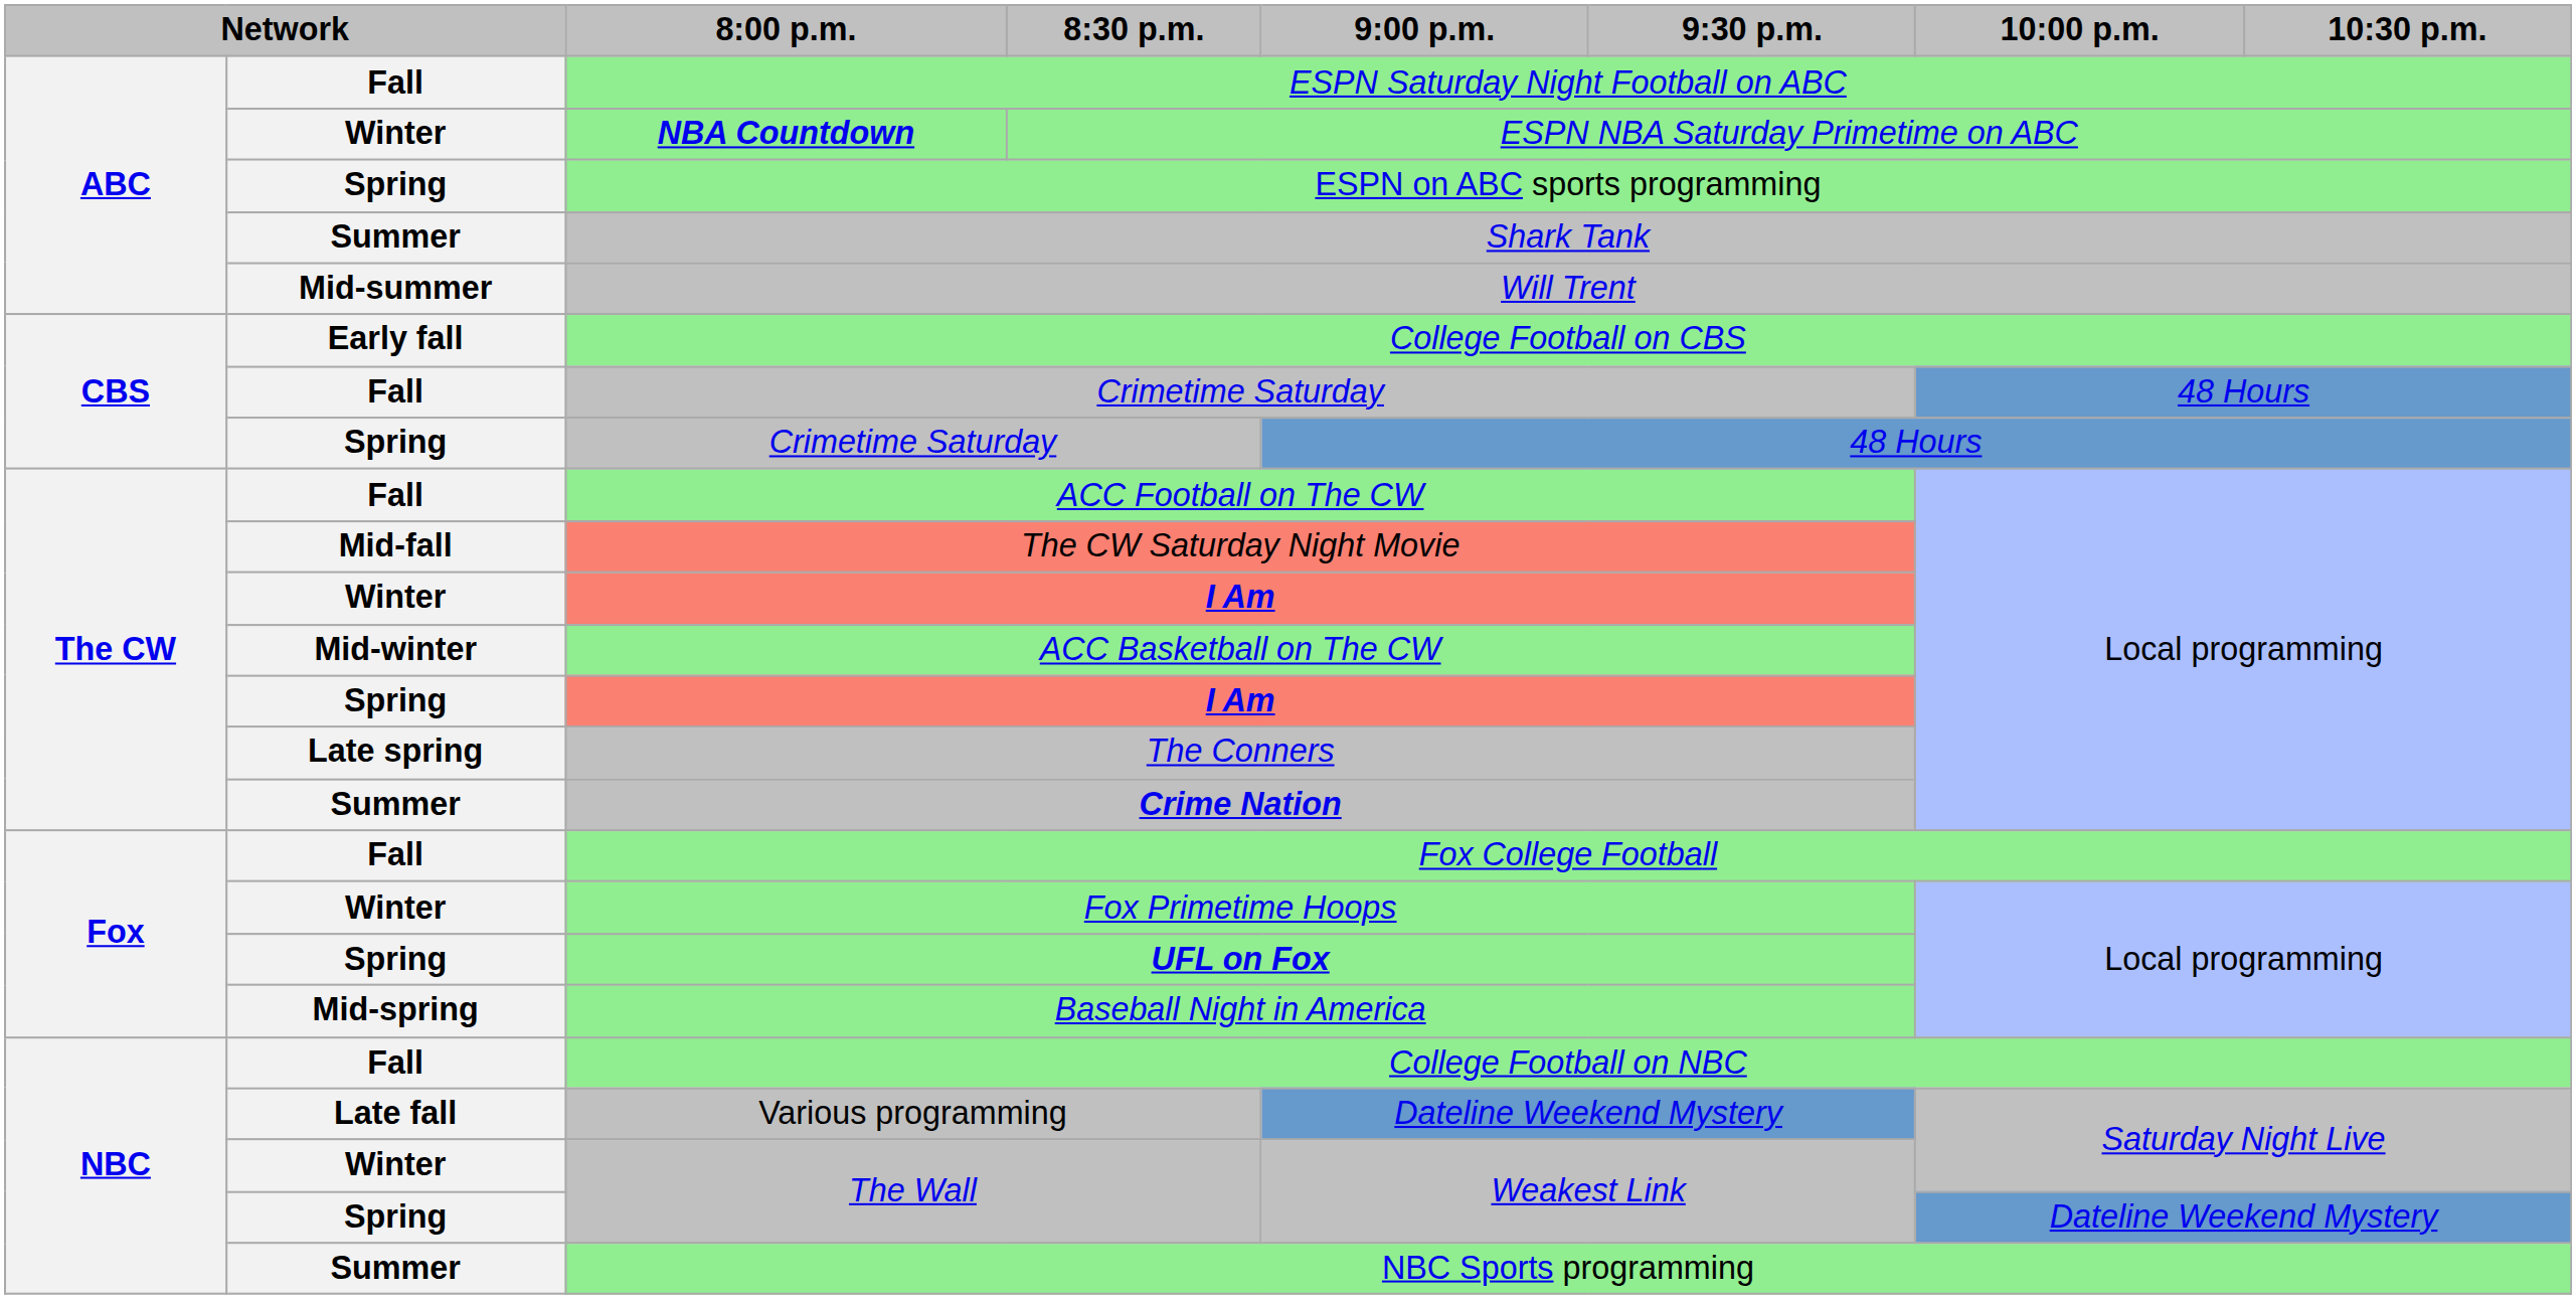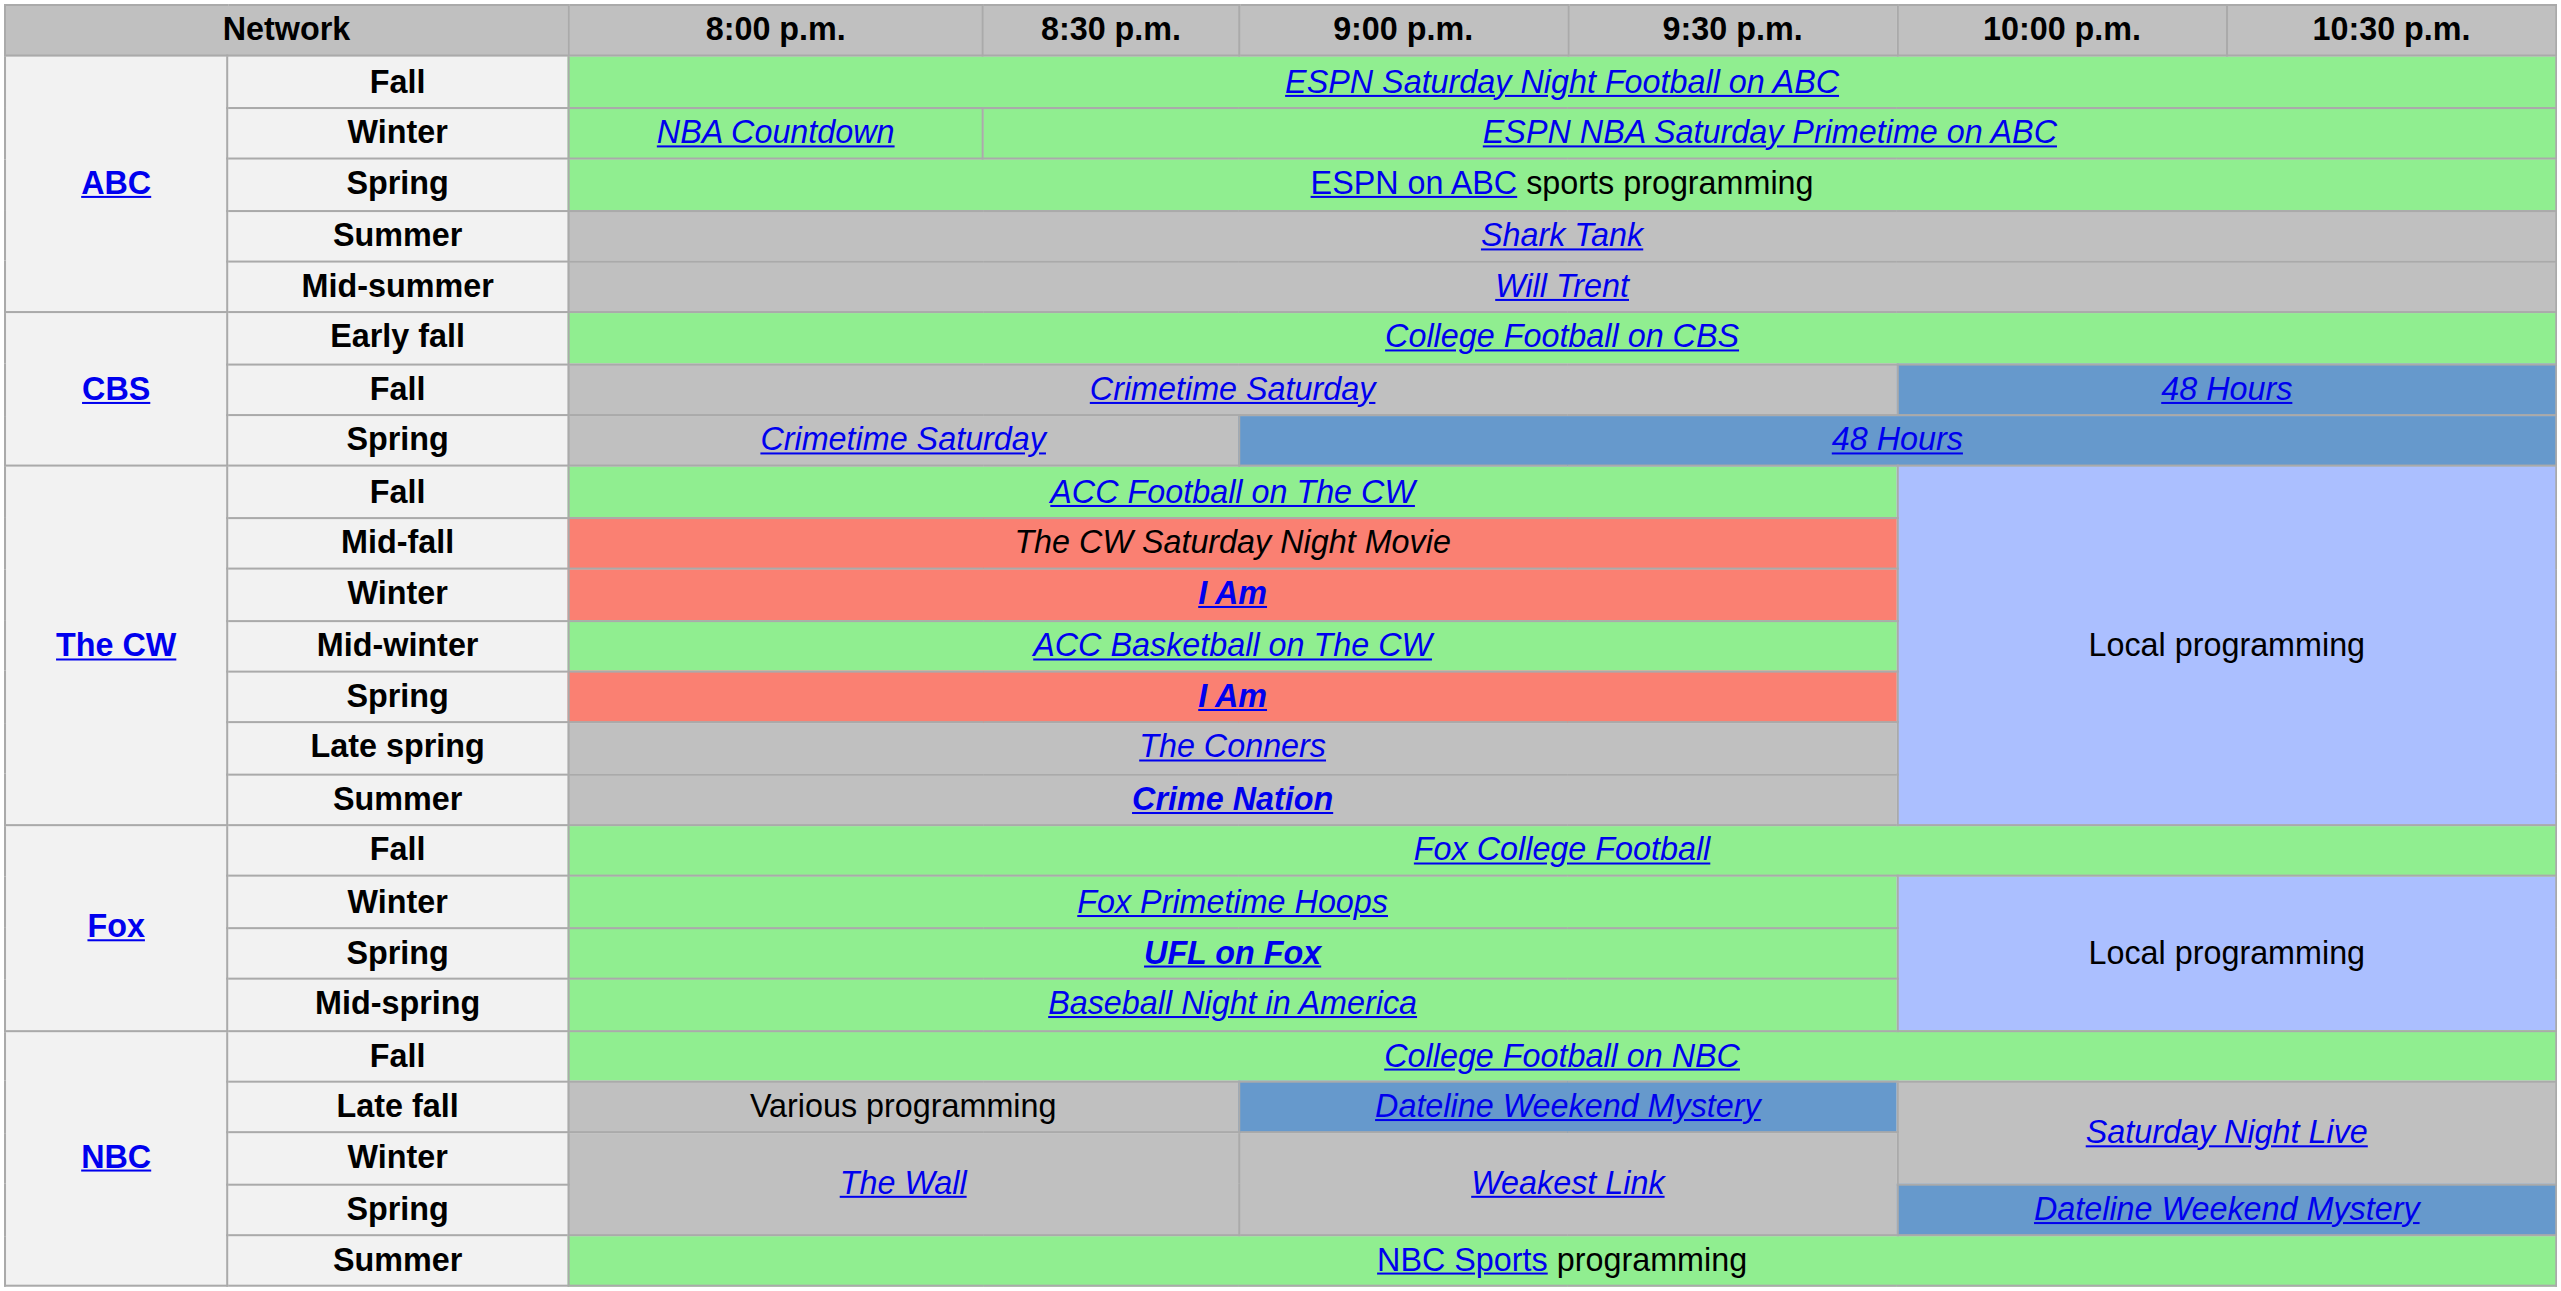 <table class="wikitable" style="width:100%;margin-right:0;text-align:center">
 <tr>
 <th colspan="2" style="background-color:#C0C0C0;text-align:center">Network</th>
 <th style="background-color:#C0C0C0;text-align:center">8:00 p.m.</th>
 <th style="background-color:#C0C0C0;text-align:center">8:30 p.m.</th>
 <th style="background-color:#C0C0C0;text-align:center">9:00 p.m.</th>
 <th style="background-color:#C0C0C0;text-align:center">9:30 p.m.</th>
 <th style="background-color:#C0C0C0;text-align:center">10:00 p.m.</th>
 <th style="background-color:#C0C0C0;text-align:center">10:30 p.m.</th>
 </tr>
 <tr>
 <th rowspan="5"><a href='#'>ABC</a></th>
 <th>Fall</th>
 <td colspan="6" style="background:lightgreen;"><em><a href='#'>ESPN Saturday Night Football on ABC</a></em> </td>
 </tr>
 <tr>
 <th>Winter</th>
-<td style="background:lightgreen;"><strong><em><a href='#'>NBA Countdown</a></em></strong></td>
+<td style="background:lightgreen;"><em><a href='#'>NBA Countdown</a></em></td>
 <td colspan="5" style="background:lightgreen;"><em><a href='#'>ESPN NBA Saturday Primetime on ABC</a></em></td>
 </tr>
 <tr>
 <th>Spring</th>
 <td colspan="6" style="background:lightgreen;"><a href='#'>ESPN on ABC</a> sports programming</td>
 </tr>
 <tr>
 <th>Summer</th>
 <td colspan="6" style="background:#C0C0C0;"><em><a href='#'>Shark Tank</a></em> </td>
 </tr>
 <tr>
 <th>Mid-summer</th>
 <td colspan="6" style="background:#C0C0C0;"><em><a href='#'>Will Trent</a></em> </td>
 </tr>
 <tr>
 <th rowspan="3"><a href='#'>CBS</a></th>
 <th>Early fall</th>
 <td colspan="6" style="background:lightgreen;"><em><a href='#'>College Football on CBS</a></em> </td>
 </tr>
 <tr>
 <th>Fall</th>
 <td colspan="4" style="background:#C0C0C0;"><em><a href='#'>Crimetime Saturday</a></em></td>
 <td colspan="2" style="background:#6699CC;"><em><a href='#'>48 Hours</a></em></td>
 </tr>
 <tr>
 <th>Spring</th>
 <td colspan="2" style="background:#C0C0C0;"><em><a href='#'>Crimetime Saturday</a></em></td>
 <td colspan="4" style="background:#6699CC;"><em><a href='#'>48 Hours</a></em> </td>
 </tr>
 <tr>
 <th rowspan="7"><a href='#'>The CW</a></th>
 <th>Fall</th>
 <td colspan="4" style="background:lightgreen;"><em><a href='#'>ACC Football on The CW</a></em> </td>
 <td rowspan="7" colspan="2" style="background:#abbfff;">Local programming</td>
 </tr>
 <tr>
 <th>Mid-fall</th>
 <td colspan="4" style="background:#FA8072;"><em>The CW Saturday Night Movie</em></td>
 </tr>
 <tr>
 <th>Winter</th>
 <td colspan="4" style="background:#FA8072;"><strong><em><a href='#'>I Am</a></em></strong> </td>
 </tr>
 <tr>
 <th>Mid-winter</th>
 <td colspan="4" style="background:lightgreen;"><em><a href='#'>ACC Basketball on The CW</a></em> </td>
 </tr>
 <tr>
 <th>Spring</th>
 <td colspan="4" style="background:#FA8072;"><strong><em><a href='#'>I Am</a></em></strong> </td>
 </tr>
 <tr>
 <th>Late spring</th>
 <td colspan="4" style="background:#C0C0C0;"><em><a href='#'>The Conners</a></em> </td>
 </tr>
 <tr>
 <th>Summer</th>
 <td colspan="4" style="background:#C0C0C0;"><strong><em><a href='#'>Crime Nation</a></em></strong> </td>
 </tr>
 <tr>
 <th rowspan="4"><a href='#'>Fox</a></th>
 <th>Fall</th>
 <td colspan="6" style="background:lightgreen"><em><a href='#'>Fox College Football</a></em> </td>
 </tr>
 <tr>
 <th>Winter</th>
 <td colspan="4" style="background:lightgreen"><em><a href='#'>Fox Primetime Hoops</a></em></td>
 <td rowspan="3" colspan="2" style="background:#abbfff">Local programming</td>
 </tr>
 <tr>
 <th>Spring</th>
 <td colspan="4" style="background:lightgreen"><strong><em><a href='#'>UFL on Fox</a></em></strong> </td>
 </tr>
 <tr>
 <th>Mid-spring</th>
 <td colspan="4" style="background:lightgreen"><em><a href='#'>Baseball Night in America</a></em> </td>
 </tr>
 <tr>
 <th rowspan="5"><a href='#'>NBC</a></th>
 <th>Fall</th>
 <td colspan="6" style="background:lightgreen;"><em><a href='#'>College Football on NBC</a></em> </td>
 </tr>
 <tr>
 <th>Late fall</th>
 <td colspan="2" style="background:#C0C0C0;">Various programming</td>
 <td colspan="2" style="background:#6699CC;"><em><a href='#'>Dateline Weekend Mystery</a></em></td>
 <td rowspan="2" colspan="2" style="background:#C0C0C0;"><em><a href='#'>Saturday Night Live</a></em> </td>
 </tr>
 <tr>
 <th>Winter</th>
 <td rowspan="2" colspan="2" style="background:#C0C0C0;"><em><a href='#'>The Wall</a></em> </td>
 <td rowspan="2" colspan="2" style="background:#C0C0C0;"><em><a href='#'>Weakest Link</a></em> </td>
 </tr>
 <tr>
 <th>Spring</th>
 <td colspan="2" style="background:#6699CC;"><em><a href='#'>Dateline Weekend Mystery</a></em></td>
 </tr>
 <tr>
 <th>Summer</th>
 <td colspan="6" style="background:lightgreen;"><a href='#'>NBC Sports</a> programming</td>
 </tr>
 </table>
